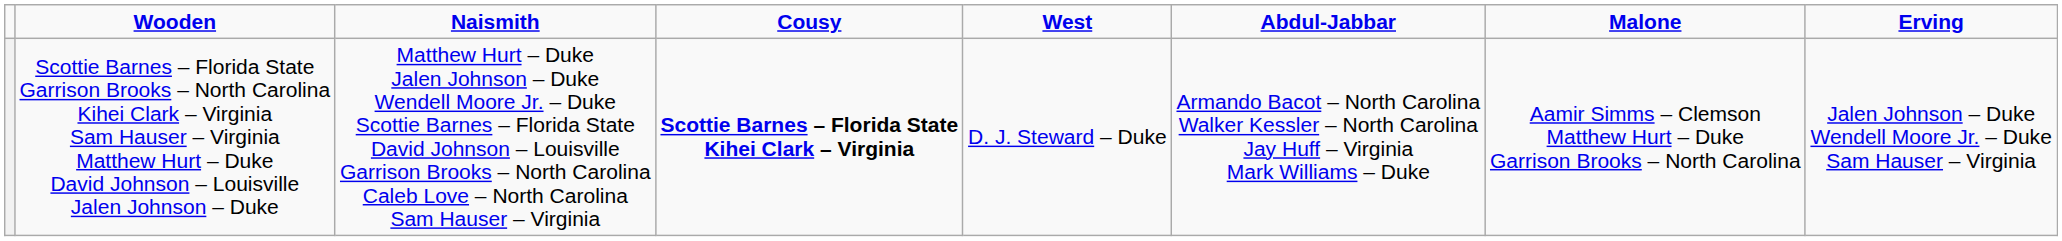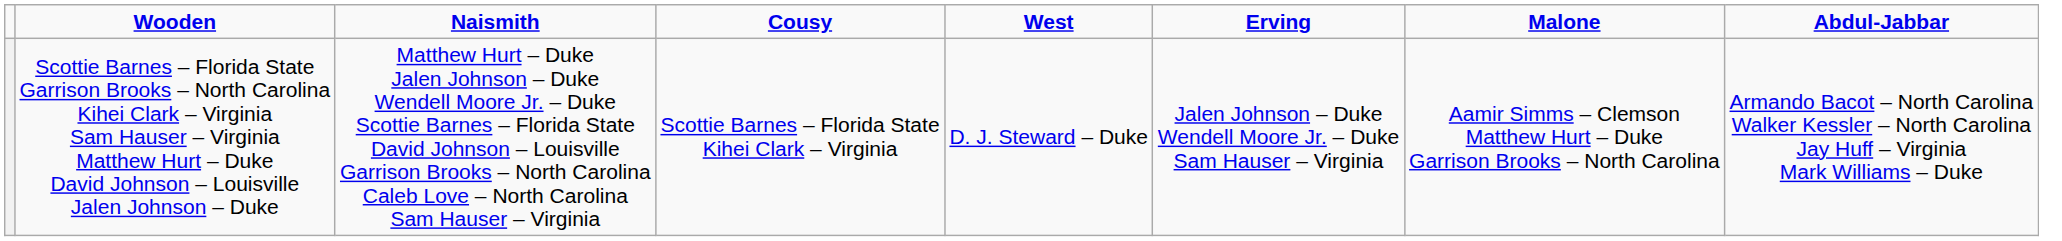 <table class="wikitable" style="white-space:nowrap; text-align:center; font-size:90%;">
 <tr>
 <td></td>
 <td><strong><a href='#'>Wooden</a></strong></td>
 <td><strong><a href='#'>Naismith</a></strong></td>
 <td><strong><a href='#'>Cousy</a></strong></td>
 <td><strong><a href='#'>West</a></strong></td>
+<td><strong><a href='#'>Erving</a></strong></td>
+<td><strong><a href='#'>Malone</a></strong></td>
 <td><strong><a href='#'>Abdul-Jabbar</a></strong></td>
-<td><strong><a href='#'>Malone</a></strong></td>
-<td><strong><a href='#'>Erving</a></strong></td>
 </tr>
 <tr>
 <th></th>
 <td><a href='#'>Scottie Barnes</a> – Florida State<br><a href='#'>Garrison Brooks</a> – North Carolina<br><a href='#'>Kihei Clark</a> – Virginia<br><a href='#'>Sam Hauser</a> – Virginia<br><a href='#'>Matthew Hurt</a> – Duke<br><a href='#'>David Johnson</a> – Louisville<br><a href='#'>Jalen Johnson</a> – Duke<br></td>
 <td><a href='#'>Matthew Hurt</a> – Duke<br><a href='#'>Jalen Johnson</a> – Duke<br><a href='#'>Wendell Moore Jr.</a> – Duke<br><a href='#'>Scottie Barnes</a> – Florida State<br><a href='#'>David Johnson</a> – Louisville<br><a href='#'>Garrison Brooks</a> – North Carolina<br><a href='#'>Caleb Love</a> – North Carolina<br><a href='#'>Sam Hauser</a> – Virginia</td>
-<td><strong><a href='#'>Scottie Barnes</a> – Florida State<br><a href='#'>Kihei Clark</a> – Virginia</strong></td>
+<td><a href='#'>Scottie Barnes</a> – Florida State<br><a href='#'>Kihei Clark</a> – Virginia</td>
 <td><a href='#'>D. J. Steward</a> – Duke</td>
+<td><a href='#'>Jalen Johnson</a> – Duke<br><a href='#'>Wendell Moore Jr.</a> – Duke<br><a href='#'>Sam Hauser</a> – Virginia</td>
+<td><a href='#'>Aamir Simms</a> – Clemson<br><a href='#'>Matthew Hurt</a> – Duke<br><a href='#'>Garrison Brooks</a> – North Carolina</td>
 <td><a href='#'>Armando Bacot</a> – North Carolina<br><a href='#'>Walker Kessler</a> – North Carolina<br><a href='#'>Jay Huff</a> – Virginia<br><a href='#'>Mark Williams</a> – Duke</td>
-<td><a href='#'>Aamir Simms</a> – Clemson<br><a href='#'>Matthew Hurt</a> – Duke<br><a href='#'>Garrison Brooks</a> – North Carolina</td>
-<td><a href='#'>Jalen Johnson</a> – Duke<br><a href='#'>Wendell Moore Jr.</a> – Duke<br><a href='#'>Sam Hauser</a> – Virginia</td>
 </tr>
 </table>
